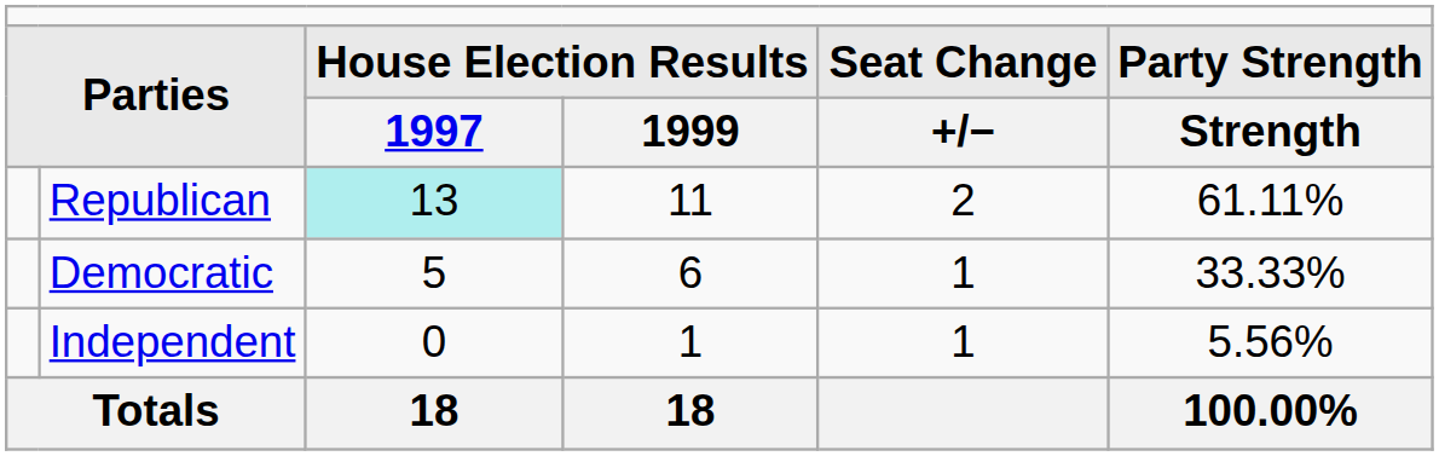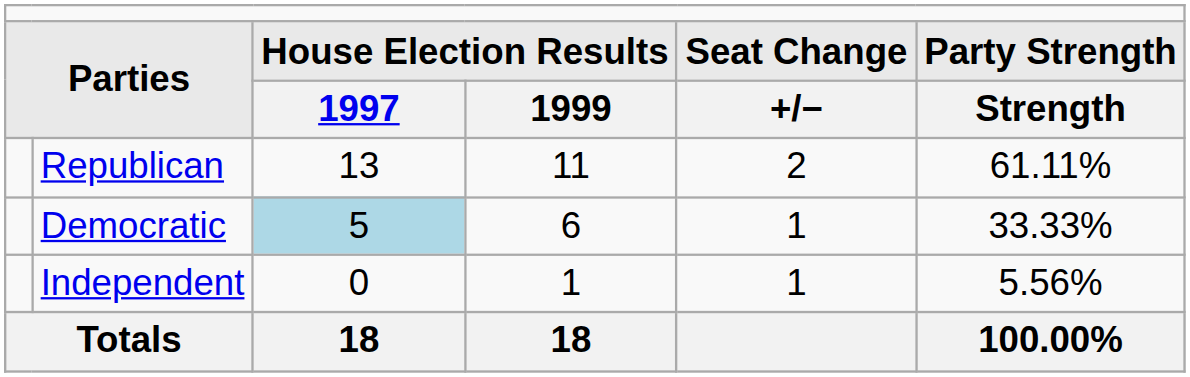 <table class   ="wikitable">
 <tr>
 <td colspan="6"></td>
 </tr>
 <tr>
 <th style   ="background:#e9e9e9; text-align:center" rowspan="2" colspan="2">Parties</th>
 <th style   ="background:#e9e9e9; text-align:center" colspan="2">House Election Results</th>
 <th style   ="background:#e9e9e9; text-align:center" colspan="1">Seat Change</th>
 <th style   ="background:#e9e9e9; text-align:center" colspan="1">Party Strength</th>
 </tr>
 <tr style ="background:#e9e9e9">
 <th><a href='#'>1997</a></th>
 <th>1999</th>
 <th>+/−</th>
 <th>Strength</th>
 </tr>
 <tr>
 <td style="background-color:"> </td>
 <td><a href='#'>Republican</a></td>
-<td align = center style="background: paleturquoise;">13</td>
+<td align = center>13</td>
 <td align = center>11</td>
 <td align = center>2 </td>
 <td align = center>61.11%</td>
 </tr>
 <tr>
 <td style="background-color:"> </td>
 <td><a href='#'>Democratic</a></td>
-<td align = center>5</td>
+<td align = center style="background: lightblue;">5</td>
 <td align = center>6</td>
 <td align = center>1 </td>
 <td align = center>33.33%</td>
 </tr>
 <tr>
 <td style="background-color:"> </td>
 <td><a href='#'>Independent</a></td>
 <td align = center>0</td>
 <td align = center>1</td>
 <td align = center>1 </td>
 <td align = center>5.56%</td>
 </tr>
 <tr style = "background:#ccc">
 <th colspan = "2">Totals</th>
 <th>18</th>
 <th>18</th>
 <th></th>
 <th>100.00%</th>
 </tr>
 </table>
